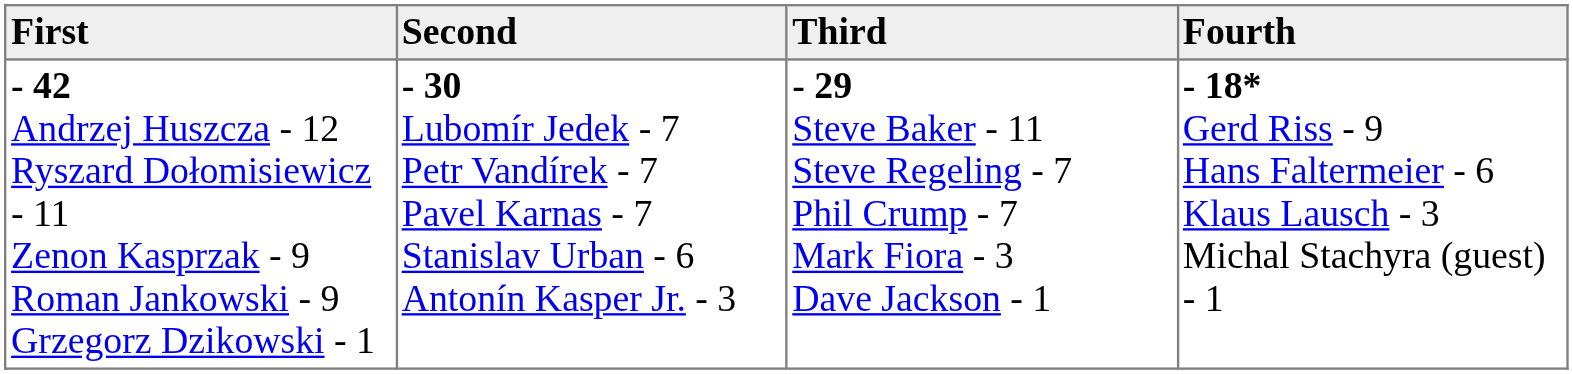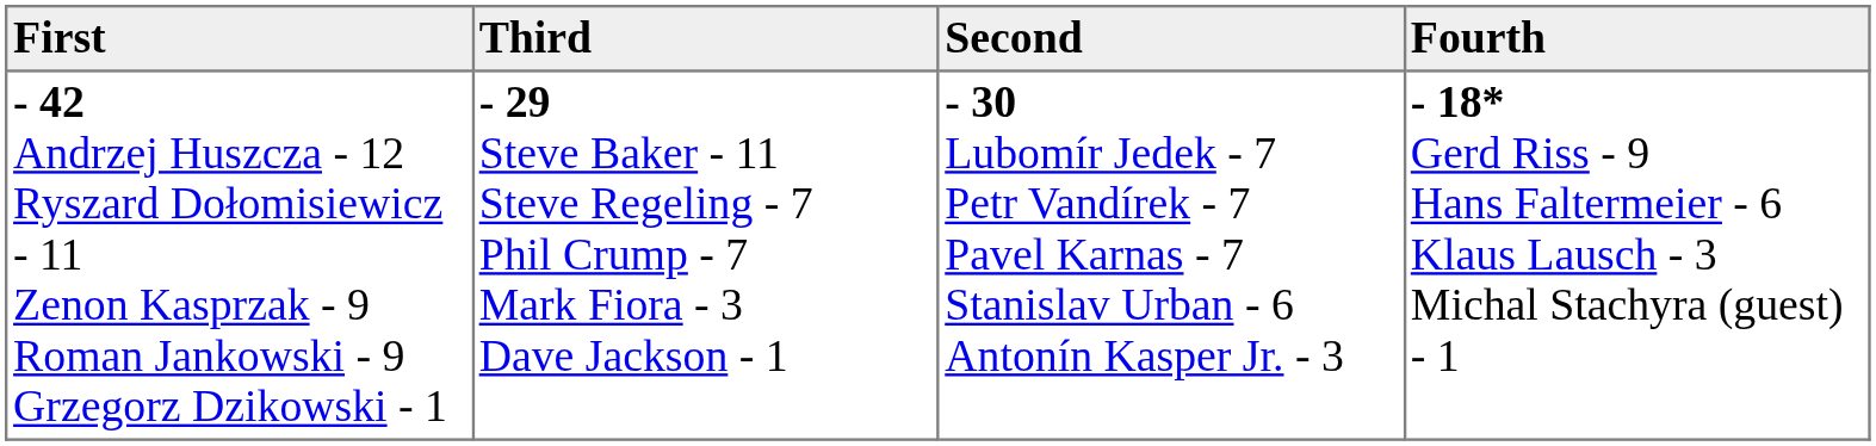 <table border=1 cellpadding=2 cellspacing=0 width=75% style="border-collapse:collapse">
 <tr align=left style="background:#efefef;">
 <th width=20%>First</th>
+<th width=20%>Third</th>
 <th width=20%>Second</th>
-<th width=20%>Third</th>
 <th width=20%>Fourth</th>
 </tr>
 <tr align=left>
 <td valign=top><strong> - 42</strong><br><a href='#'>Andrzej Huszcza</a> - 12 <br><a href='#'>Ryszard Dołomisiewicz</a> - 11 <br><a href='#'>Zenon Kasprzak</a> - 9 <br><a href='#'>Roman Jankowski</a> - 9 <br><a href='#'>Grzegorz Dzikowski</a> - 1</td>
+<td valign=top><strong> - 29</strong><br><a href='#'>Steve Baker</a> - 11 <br><a href='#'>Steve Regeling</a> - 7 <br><a href='#'>Phil Crump</a> - 7 <br><a href='#'>Mark Fiora</a> - 3 <br><a href='#'>Dave Jackson</a> - 1</td>
 <td valign=top><strong> - 30</strong><br><a href='#'>Lubomír Jedek</a> - 7 <br><a href='#'>Petr Vandírek</a> - 7 <br><a href='#'>Pavel Karnas</a> - 7 <br><a href='#'>Stanislav Urban</a> - 6 <br><a href='#'>Antonín Kasper Jr.</a> - 3</td>
-<td valign=top><strong> - 29</strong><br><a href='#'>Steve Baker</a> - 11 <br><a href='#'>Steve Regeling</a> - 7 <br><a href='#'>Phil Crump</a> - 7 <br><a href='#'>Mark Fiora</a> - 3 <br><a href='#'>Dave Jackson</a> - 1</td>
 <td valign=top><strong> - 18*</strong><br><a href='#'>Gerd Riss</a> - 9 <br><a href='#'>Hans Faltermeier</a> - 6 <br><a href='#'>Klaus Lausch</a> - 3 <br>Michal Stachyra (guest) - 1</td>
 </tr>
 </table>
